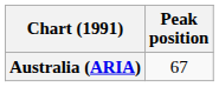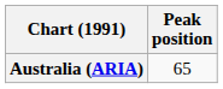 <table class="wikitable plainrowheaders">
 <tr>
 <th>Chart (1991)</th>
 <th>Peak<br>position</th>
 </tr>
 <tr>
 <th scope="row">Australia (<a href='#'>ARIA</a>)</th>
-<td align="center">67</td>
+<td align="center">65</td>
 </tr>
 </table>
